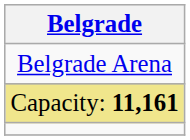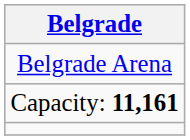 <table class="wikitable" style="text-align:center;">
 <tr>
 <th><a href='#'>Belgrade</a></th>
 </tr>
 <tr>
 <td><a href='#'>Belgrade Arena</a></td>
 </tr>
 <tr>
-<td style="background: khaki;">Capacity: <strong>11,161</strong></td>
+<td>Capacity: <strong>11,161</strong></td>
 </tr>
 <tr>
 <td></td>
 </tr>
 </table>
